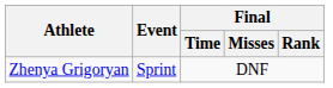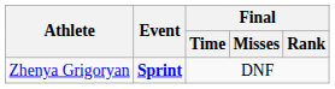 <table class="wikitable">
 <tr>
 <th rowspan="2">Athlete</th>
 <th rowspan="2">Event</th>
 <th colspan="3">Final</th>
 </tr>
 <tr>
 <th>Time</th>
 <th>Misses</th>
 <th>Rank</th>
 </tr>
 <tr>
 <td rowspan="1"><a href='#'>Zhenya Grigoryan</a></td>
-<td><a href='#'>Sprint</a></td>
+<td><strong><a href='#'>Sprint</a></strong></td>
 <td align="center" colspan=3>DNF</td>
 </tr>
 </table>
